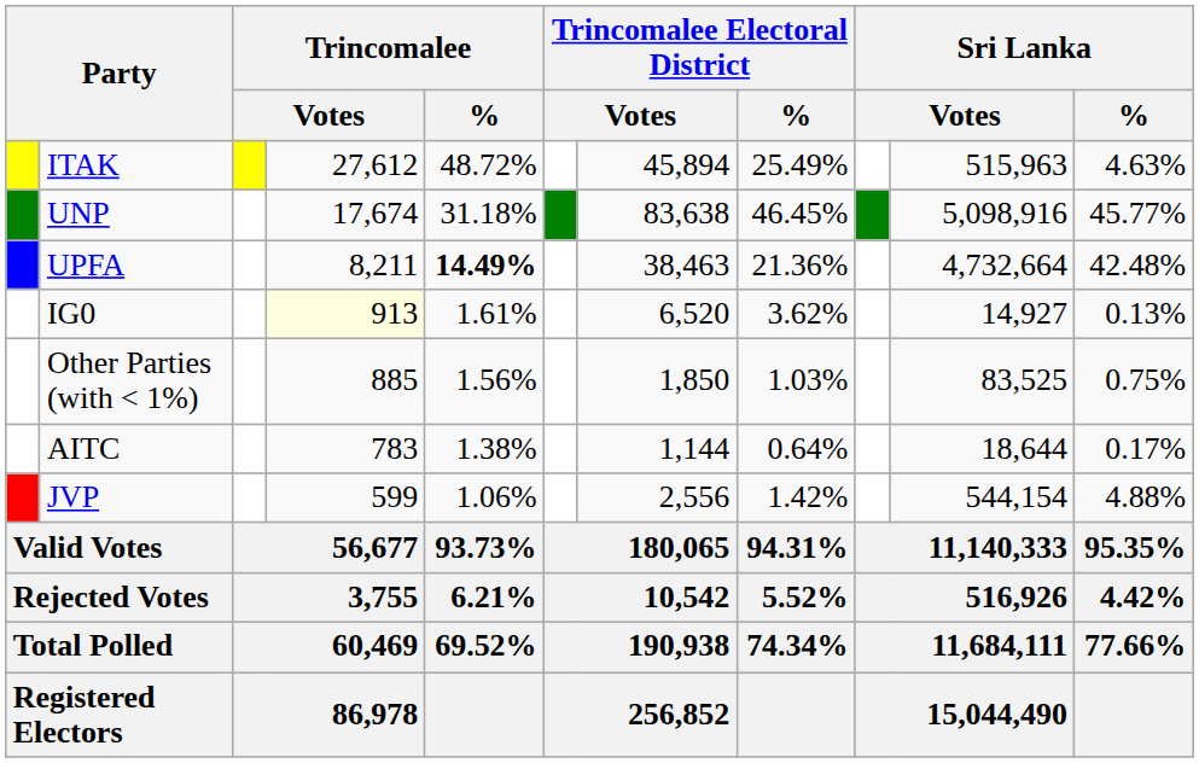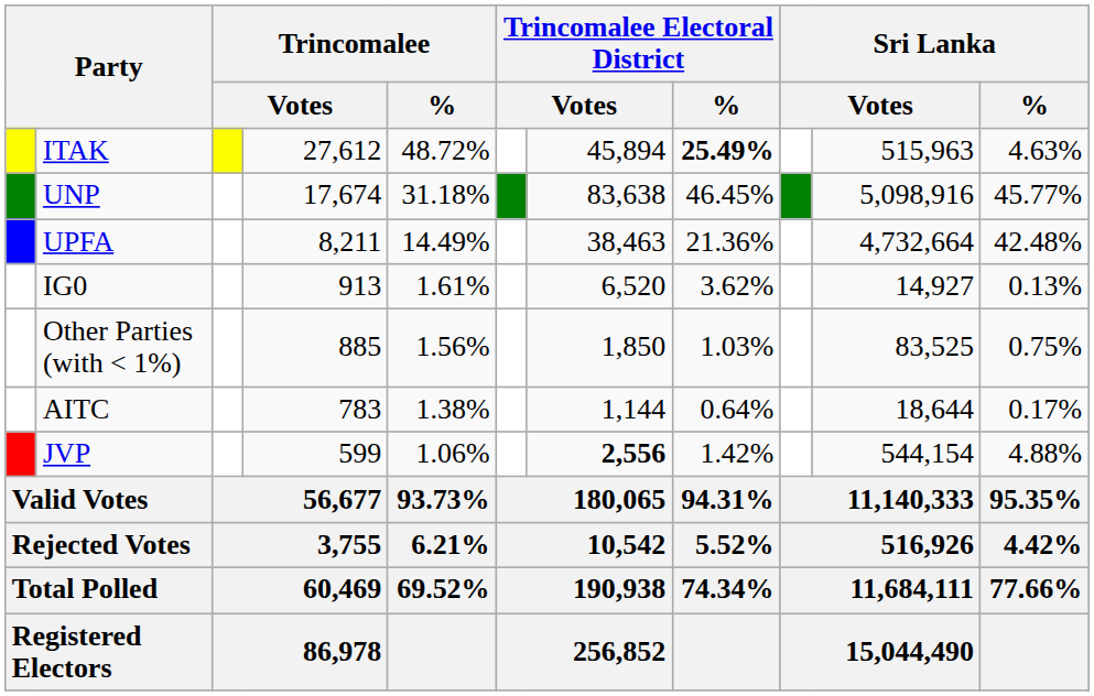 <table class="wikitable">
 <tr>
 <th colspan="2" width="144px"rowspan="2">Party</th>
 <th colspan="3" width="216px">Trincomalee</th>
 <th colspan="3" width="216px"><a href='#'>Trincomalee Electoral District</a></th>
 <th colspan="3" width="216px">Sri Lanka</th>
 </tr>
 <tr>
 <th colspan="2" width="144px">Votes</th>
 <th>%</th>
 <th colspan="2" width="144px">Votes</th>
 <th>%</th>
 <th colspan="2" width="144px">Votes</th>
 <th>%</th>
 </tr>
 <tr>
 <td style="background-color:yellow;" width="10px"></td>
 <td style="text-align:left;"><a href='#'>ITAK</a></td>
 <td style="background-color:yellow;" width="10px"></td>
 <td style="text-align:right;">27,612</td>
 <td style="text-align:right;">48.72%</td>
 <td style="background-color:white;" width="10px"></td>
 <td style="text-align:right;">45,894</td>
-<td style="text-align:right;">25.49%</td>
+<td style="text-align:right;"><strong>25.49%</strong></td>
 <td style="background-color:white;" width="10px"></td>
 <td style="text-align:right;">515,963</td>
 <td style="text-align:right;">4.63%</td>
 </tr>
 <tr>
 <td style="background-color:green;" width="10px"></td>
 <td style="text-align:left;"><a href='#'>UNP</a></td>
 <td style="background-color:white;" width="10px"></td>
 <td style="text-align:right;">17,674</td>
 <td style="text-align:right;">31.18%</td>
 <td style="background-color:green;" width="10px"></td>
 <td style="text-align:right;">83,638</td>
 <td style="text-align:right;">46.45%</td>
 <td style="background-color:green;" width="10px"></td>
 <td style="text-align:right;">5,098,916</td>
 <td style="text-align:right;">45.77%</td>
 </tr>
 <tr>
 <td style="background-color:blue;" width="10px"></td>
 <td style="text-align:left;"><a href='#'>UPFA</a></td>
 <td style="background-color:white;" width="10px"></td>
 <td style="text-align:right;">8,211</td>
-<td style="text-align:right;"><strong>14.49%</strong></td>
+<td style="text-align:right;">14.49%</td>
 <td style="background-color:white;" width="10px"></td>
 <td style="text-align:right;">38,463</td>
 <td style="text-align:right;">21.36%</td>
 <td style="background-color:white;" width="10px"></td>
 <td style="text-align:right;">4,732,664</td>
 <td style="text-align:right;">42.48%</td>
 </tr>
 <tr>
 <td style="background-color:white;" width="10px"></td>
 <td style="text-align:left;">IG0</td>
 <td style="background-color:white;" width="10px"></td>
-<td style="background: lightyellow; text-align:right;">913</td>
+<td style="text-align:right;">913</td>
 <td style="text-align:right;">1.61%</td>
 <td style="background-color:white;" width="10px"></td>
 <td style="text-align:right;">6,520</td>
 <td style="text-align:right;">3.62%</td>
 <td style="background-color:white;" width="10px"></td>
 <td style="text-align:right;">14,927</td>
 <td style="text-align:right;">0.13%</td>
 </tr>
 <tr>
 <td style="background-color:white;" width="10px"></td>
 <td style="text-align:left;">Other Parties (with < 1%)</td>
 <td style="background-color:white;" width="10px"></td>
 <td style="text-align:right;">885</td>
 <td style="text-align:right;">1.56%</td>
 <td style="background-color:white;" width="10px"></td>
 <td style="text-align:right;">1,850</td>
 <td style="text-align:right;">1.03%</td>
 <td style="background-color:white;" width="10px"></td>
 <td style="text-align:right;">83,525</td>
 <td style="text-align:right;">0.75%</td>
 </tr>
 <tr>
 <td style="background-color:white;" width="10px"></td>
 <td style="text-align:left;">AITC</td>
 <td style="background-color:white;" width="10px"></td>
 <td style="text-align:right;">783</td>
 <td style="text-align:right;">1.38%</td>
 <td style="background-color:white;" width="10px"></td>
 <td style="text-align:right;">1,144</td>
 <td style="text-align:right;">0.64%</td>
 <td style="background-color:white;" width="10px"></td>
 <td style="text-align:right;">18,644</td>
 <td style="text-align:right;">0.17%</td>
 </tr>
 <tr>
 <td style="background-color:red;" width="10px"></td>
 <td style="text-align:left;"><a href='#'>JVP</a></td>
 <td style="background-color:white;" width="10px"></td>
 <td style="text-align:right;">599</td>
 <td style="text-align:right;">1.06%</td>
 <td style="background-color:white;" width="10px"></td>
-<td style="text-align:right;">2,556</td>
+<td style="text-align:right;"><strong>2,556</strong></td>
 <td style="text-align:right;">1.42%</td>
 <td style="background-color:white;" width="10px"></td>
 <td style="text-align:right;">544,154</td>
 <td style="text-align:right;">4.88%</td>
 </tr>
 <tr>
 <th colspan="2" width="144px"style="text-align:left;">Valid Votes</th>
 <th style="text-align:right;"colspan="2" width="144px">56,677</th>
 <th style="text-align:right;">93.73%</th>
 <th style="text-align:right;"colspan="2" width="144px">180,065</th>
 <th style="text-align:right;">94.31%</th>
 <th style="text-align:right;"colspan="2" width="144px">11,140,333</th>
 <th style="text-align:right;">95.35%</th>
 </tr>
 <tr>
 <th colspan="2" width="144px"style="text-align:left;">Rejected Votes</th>
 <th style="text-align:right;"colspan="2" width="144px">3,755</th>
 <th style="text-align:right;">6.21%</th>
 <th style="text-align:right;"colspan="2" width="144px">10,542</th>
 <th style="text-align:right;">5.52%</th>
 <th style="text-align:right;"colspan="2" width="144px">516,926</th>
 <th style="text-align:right;">4.42%</th>
 </tr>
 <tr>
 <th colspan="2" width="144px"style="text-align:left;">Total Polled</th>
 <th style="text-align:right;"colspan="2" width="144px">60,469</th>
 <th style="text-align:right;">69.52%</th>
 <th style="text-align:right;"colspan="2" width="144px">190,938</th>
 <th style="text-align:right;">74.34%</th>
 <th style="text-align:right;"colspan="2" width="144px">11,684,111</th>
 <th style="text-align:right;">77.66%</th>
 </tr>
 <tr>
 <th colspan="2" width="144px"style="text-align:left;">Registered Electors</th>
 <th style="text-align:right;"colspan="2" width="144px">86,978</th>
 <th></th>
 <th style="text-align:right;"colspan="2" width="144px">256,852</th>
 <th></th>
 <th style="text-align:right;"colspan="2" width="144px">15,044,490</th>
 <th></th>
 </tr>
 </table>
